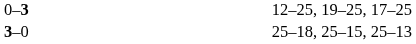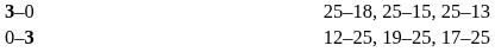 <table>
 <tr>
 <th width=200></th>
 <th width=80></th>
 <th width=200></th>
 <th width=220></th>
 </tr>
 <tr>
+<td align=right><strong></strong></td>
+<td align=center><strong>3</strong>–0</td>
+<td></td>
+<td>25–18, 25–15, 25–13</td>
+</tr>
+<tr>
 <td align=right></td>
 <td align=center>0–<strong>3</strong></td>
 <td><strong></strong></td>
 <td>12–25, 19–25, 17–25</td>
 </tr>
-<tr>
-<td align=right><strong></strong></td>
-<td align=center><strong>3</strong>–0</td>
-<td></td>
-<td>25–18, 25–15, 25–13</td>
-</tr>
 </table>
